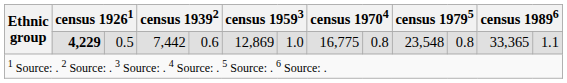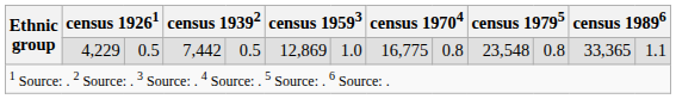 <table class="wikitable">
 <tr bgcolor="#e0e0e0">
 <th rowspan="2">Ethnic<br>group</th>
 <th colspan="2">census 1926<sup>1</sup></th>
 <th colspan="2">census 1939<sup>2</sup></th>
 <th colspan="2">census 1959<sup>3</sup></th>
 <th colspan="2">census 1970<sup>4</sup></th>
 <th colspan="2">census 1979<sup>5</sup></th>
 <th colspan="2">census 1989<sup>6</sup></th>
 </tr>
 <tr bgcolor="#e0e0e0">
-<td align="right"><strong>4,229</strong></td>
+<td align="right">4,229</td>
 <td align="right">0.5</td>
 <td align="right">7,442</td>
-<td align="right">0.6</td>
+<td align="right">0.5</td>
 <td align="right">12,869</td>
 <td align="right">1.0</td>
 <td align="right">16,775</td>
 <td align="right">0.8</td>
 <td align="right">23,548</td>
 <td align="right">0.8</td>
 <td align="right">33,365</td>
 <td align="right">1.1</td>
 </tr>
 <tr>
 <td colspan="15"><small><sup>1</sup> Source: . <sup>2</sup> Source:  . <sup>3</sup> Source: . <sup>4</sup> Source: . <sup>5</sup> Source: . <sup>6</sup> Source: . </small></td>
 </tr>
 </table>
